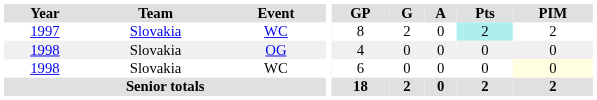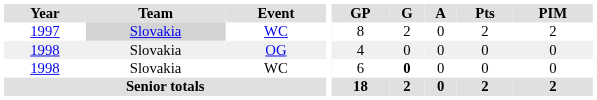 <table border="0" cellpadding="1" cellspacing="0" ID="Table3" style="text-align:center; width:40em">
 <tr bgcolor="#e0e0e0">
 <th>Year</th>
 <th>Team</th>
 <th>Event</th>
 <th rowspan="102" bgcolor="#ffffff"></th>
 <th>GP</th>
 <th>G</th>
 <th>A</th>
 <th>Pts</th>
 <th>PIM</th>
 </tr>
 <tr>
 <td><a href='#'>1997</a></td>
-<td><a href='#'>Slovakia</a></td>
+<td style="background: lightgrey;"><a href='#'>Slovakia</a></td>
 <td><a href='#'>WC</a></td>
 <td>8</td>
 <td>2</td>
 <td>0</td>
-<td style="background: paleturquoise;">2</td>
+<td>2</td>
 <td>2</td>
 </tr>
 <tr bgcolor="#f0f0f0">
 <td><a href='#'>1998</a></td>
 <td>Slovakia</td>
 <td><a href='#'>OG</a></td>
 <td>4</td>
 <td>0</td>
 <td>0</td>
 <td>0</td>
 <td>0</td>
 </tr>
 <tr>
 <td><a href='#'>1998</a></td>
 <td>Slovakia</td>
 <td>WC</td>
 <td>6</td>
+<td><strong>0</strong></td>
 <td>0</td>
 <td>0</td>
 <td>0</td>
-<td style="background: lightyellow;">0</td>
 </tr>
 <tr bgcolor="#e0e0e0">
 <th colspan="3">Senior totals</th>
 <th>18</th>
 <th>2</th>
 <th>0</th>
 <th>2</th>
 <th>2</th>
 </tr>
 </table>
